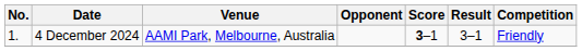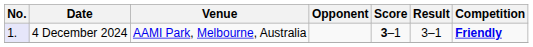 <table class="wikitable">
 <tr>
 <th>No.</th>
 <th>Date</th>
 <th>Venue</th>
 <th>Opponent</th>
 <th>Score</th>
 <th>Result</th>
 <th>Competition</th>
 </tr>
 <tr>
-<td>1.</td>
+<td style="background: lavender;">1.</td>
 <td>4 December 2024</td>
 <td><a href='#'>AAMI Park</a>, <a href='#'>Melbourne</a>, Australia</td>
 <td></td>
 <td align=center><strong>3</strong>–1</td>
 <td align=center>3–1</td>
-<td><a href='#'>Friendly</a></td>
+<td><strong><a href='#'>Friendly</a></strong></td>
 </tr>
 <tr>
 </tr>
 </table>
